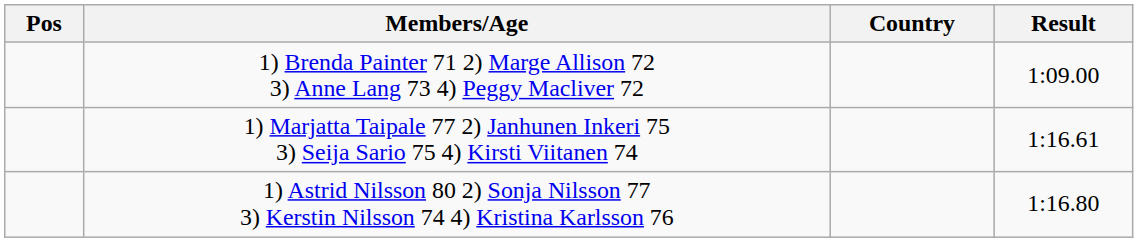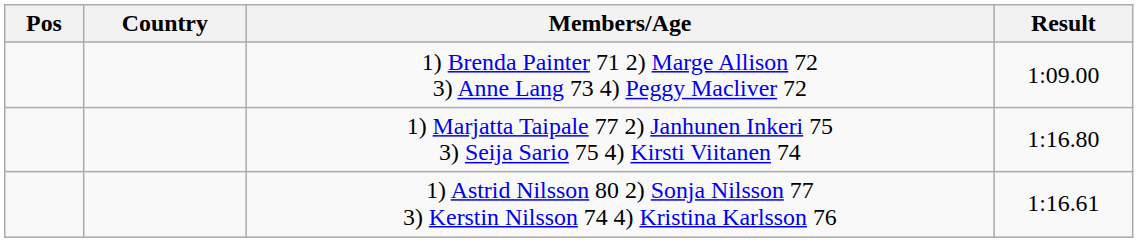 <table class="wikitable"  style="text-align:center; width:60%;">
 <tr>
 <th>Pos</th>
+<th>Country</th>
 <th>Members/Age</th>
-<th>Country</th>
 <th>Result</th>
 </tr>
 <tr>
 <td align=center></td>
+<td align=left></td>
 <td>1) <a href='#'>Brenda Painter</a> 71 2) <a href='#'>Marge Allison</a> 72<br>3) <a href='#'>Anne Lang</a> 73 4) <a href='#'>Peggy Macliver</a> 72</td>
-<td align=left></td>
 <td>1:09.00</td>
 </tr>
 <tr>
 <td align=center></td>
+<td align=left></td>
 <td>1) <a href='#'>Marjatta Taipale</a> 77 2) <a href='#'>Janhunen Inkeri</a> 75<br>3) <a href='#'>Seija Sario</a> 75 4) <a href='#'>Kirsti Viitanen</a> 74</td>
-<td align=left></td>
-<td>1:16.61</td>
+<td>1:16.80</td>
 </tr>
 <tr>
 <td align=center></td>
+<td align=left></td>
 <td>1) <a href='#'>Astrid Nilsson</a> 80 2) <a href='#'>Sonja Nilsson</a> 77<br>3) <a href='#'>Kerstin Nilsson</a> 74 4) <a href='#'>Kristina Karlsson</a> 76</td>
-<td align=left></td>
-<td>1:16.80</td>
+<td>1:16.61</td>
 </tr>
 </table>
